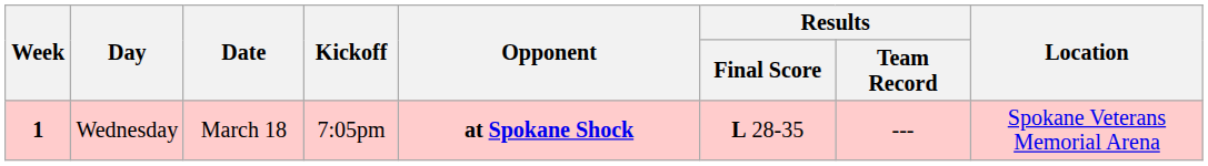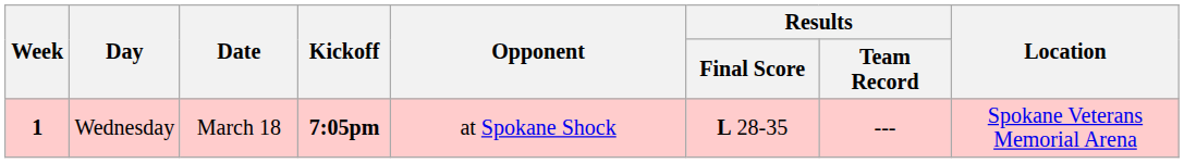 <table class="wikitable">
 <tr>
 <th rowspan="2" style="width:40px;">Week</th>
 <th rowspan="2" style="width:70px;">Day</th>
 <th rowspan="2" style="width:80px;">Date</th>
 <th rowspan="2" style="width:60px;">Kickoff</th>
 <th rowspan="2" style="width:210px;">Opponent</th>
 <th colspan="2" style="width:180px;">Results</th>
 <th rowspan="2" style="width:160px;">Location</th>
 </tr>
 <tr>
 <th style="width:90px;">Final Score</th>
 <th style="width:90px;">Team Record</th>
 </tr>
 <tr style="text-align:center; background:#fcc; text-align:center;">
 <td><strong>1</strong></td>
 <td>Wednesday</td>
 <td>March 18</td>
-<td>7:05pm</td>
-<td><strong>at <a href='#'>Spokane Shock</a></strong></td>
+<td><strong>7:05pm</strong></td>
+<td>at <a href='#'>Spokane Shock</a></td>
 <td><strong>L</strong> 28-35</td>
 <td>---</td>
 <td><a href='#'>Spokane Veterans Memorial Arena</a></td>
 </tr>
 </table>
